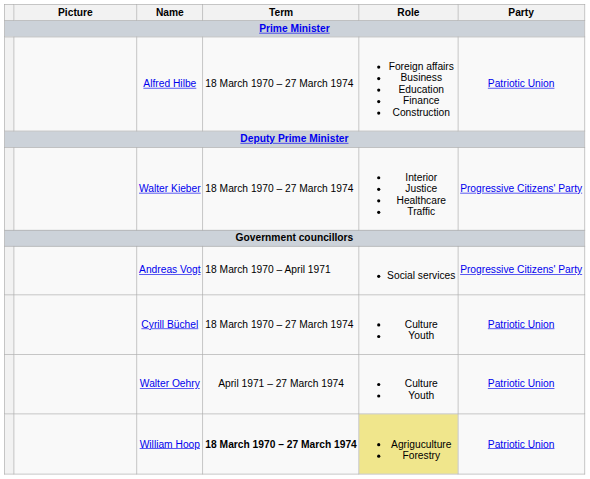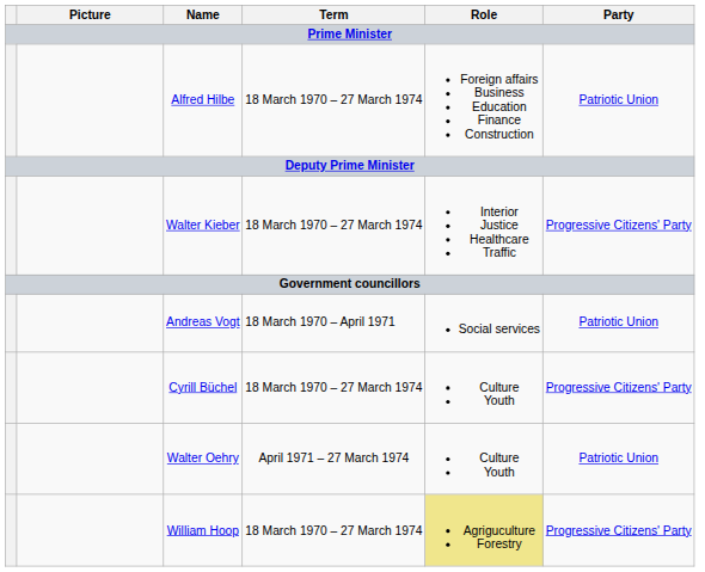 <table class="wikitable" style="text-align:center">
 <tr>
 <th style="width: 0.5em"></th>
 <th style="width: 11.5em">Picture</th>
 <th>Name</th>
 <th>Term</th>
 <th>Role</th>
 <th>Party</th>
 </tr>
 <tr>
 <th colspan="7" style="background:#CCD2D9"><a href='#'>Prime Minister</a></th>
 </tr>
 <tr>
 <th style="background:"></th>
 <td></td>
 <td><a href='#'>Alfred Hilbe</a></td>
 <td style="text-align:left">18 March 1970 – 27 March 1974</td>
 <td><br><ul><li>Foreign affairs</li><li>Business</li><li>Education</li><li>Finance</li><li>Construction</li></ul></td>
 <td><a href='#'>Patriotic Union</a></td>
 </tr>
 <tr>
 <th colspan="7" style="background:#CCD2D9"><a href='#'>Deputy Prime Minister</a></th>
 </tr>
 <tr>
 <th style="background:"></th>
 <td></td>
 <td><a href='#'>Walter Kieber</a></td>
 <td style="text-align:left">18 March 1970 – 27 March 1974</td>
 <td><br><ul><li>Interior</li><li>Justice</li><li>Healthcare</li><li>Traffic</li></ul></td>
 <td><a href='#'>Progressive Citizens' Party</a></td>
 </tr>
 <tr>
 <th colspan="7" style="background:#CCD2D9">Government councillors</th>
 </tr>
 <tr>
 <th style="background:"></th>
 <td></td>
 <td><a href='#'>Andreas Vogt</a></td>
 <td style="text-align:left">18 March 1970 – April 1971</td>
 <td><br><ul><li>Social services</li></ul></td>
-<td><a href='#'>Progressive Citizens' Party</a></td>
+<td><a href='#'>Patriotic Union</a></td>
 </tr>
 <tr>
 <th style="background:"></th>
 <td></td>
 <td><a href='#'>Cyrill Büchel</a></td>
 <td style="text-align:left">18 March 1970 – 27 March 1974</td>
 <td><br><ul><li>Culture</li><li>Youth</li></ul></td>
-<td><a href='#'>Patriotic Union</a></td>
+<td><a href='#'>Progressive Citizens' Party</a></td>
 </tr>
 <tr>
 <th style="background:"></th>
 <td></td>
 <td><a href='#'>Walter Oehry</a></td>
 <td>April 1971 – 27 March 1974</td>
 <td><br><ul><li>Culture</li><li>Youth</li></ul></td>
 <td><a href='#'>Patriotic Union</a></td>
 </tr>
 <tr>
 <th style="background:"></th>
 <td></td>
 <td><a href='#'>William Hoop</a></td>
-<td><strong>18 March 1970 – 27 March 1974</strong></td>
+<td>18 March 1970 – 27 March 1974</td>
 <td style="background: khaki;"><br><ul><li>Agriguculture</li><li>Forestry</li></ul></td>
-<td><a href='#'>Patriotic Union</a></td>
+<td><a href='#'>Progressive Citizens' Party</a></td>
 </tr>
 </table>
